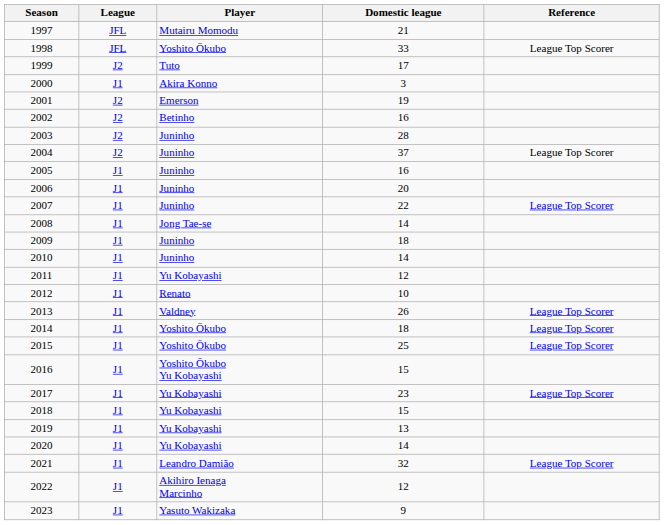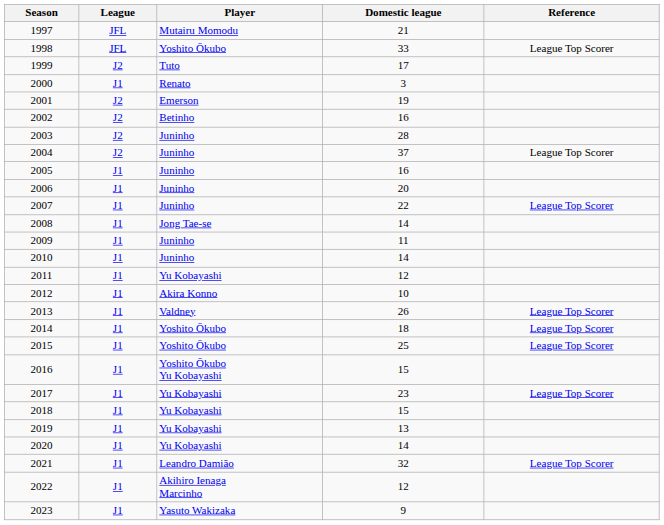 <table class="wikitable sortable" style="width:60%; align:center; text-align:center">
 <tr>
 <th>Season</th>
 <th>League</th>
 <th class="unsortable">Player</th>
 <th>Domestic league</th>
 <th>Reference</th>
 </tr>
 <tr>
 <td>1997</td>
 <td><a href='#'>JFL</a></td>
 <td align="left"> <a href='#'>Mutairu Momodu</a></td>
 <td>21</td>
 <td></td>
 </tr>
 <tr>
 <td>1998</td>
 <td><a href='#'>JFL</a></td>
 <td align="left"> <a href='#'>Yoshito Ōkubo</a></td>
 <td>33</td>
 <td>League Top Scorer</td>
 </tr>
 <tr>
 <td>1999</td>
 <td><a href='#'>J2</a></td>
 <td align="left"> <a href='#'>Tuto</a></td>
 <td>17</td>
 <td></td>
 </tr>
 <tr>
 <td>2000</td>
 <td><a href='#'>J1</a></td>
-<td align="left"> <a href='#'>Akira Konno</a></td>
+<td align="left"> <a href='#'>Renato</a></td>
 <td>3</td>
 <td></td>
 </tr>
 <tr>
 <td>2001</td>
 <td><a href='#'>J2</a></td>
 <td align="left"> <a href='#'>Emerson</a></td>
 <td>19</td>
 <td></td>
 </tr>
 <tr>
 <td>2002</td>
 <td><a href='#'>J2</a></td>
 <td align="left"> <a href='#'>Betinho</a></td>
 <td>16</td>
 <td></td>
 </tr>
 <tr>
 <td>2003</td>
 <td><a href='#'>J2</a></td>
 <td align="left"> <a href='#'>Juninho</a></td>
 <td>28</td>
 <td></td>
 </tr>
 <tr>
 <td>2004</td>
 <td><a href='#'>J2</a></td>
 <td align="left"> <a href='#'>Juninho</a></td>
 <td>37</td>
 <td>League Top Scorer</td>
 </tr>
 <tr>
 <td>2005</td>
 <td><a href='#'>J1</a></td>
 <td align="left"> <a href='#'>Juninho</a></td>
 <td>16</td>
 <td></td>
 </tr>
 <tr>
 <td>2006</td>
 <td><a href='#'>J1</a></td>
 <td align="left"> <a href='#'>Juninho</a></td>
 <td>20</td>
 <td></td>
 </tr>
 <tr>
 <td>2007</td>
 <td><a href='#'>J1</a></td>
 <td align="left"> <a href='#'>Juninho</a></td>
 <td>22</td>
 <td><a href='#'>League Top Scorer</a></td>
 </tr>
 <tr>
 <td>2008</td>
 <td><a href='#'>J1</a></td>
 <td align="left"> <a href='#'>Jong Tae-se</a></td>
 <td>14</td>
 <td></td>
 </tr>
 <tr>
 <td>2009</td>
 <td><a href='#'>J1</a></td>
 <td align="left"> <a href='#'>Juninho</a></td>
-<td>18</td>
+<td>11</td>
 <td></td>
 </tr>
 <tr>
 <td>2010</td>
 <td><a href='#'>J1</a></td>
 <td align="left"> <a href='#'>Juninho</a></td>
 <td>14</td>
 <td></td>
 </tr>
 <tr>
 <td>2011</td>
 <td><a href='#'>J1</a></td>
 <td align="left"> <a href='#'>Yu Kobayashi</a></td>
 <td>12</td>
 <td></td>
 </tr>
 <tr>
 <td>2012</td>
 <td><a href='#'>J1</a></td>
-<td align="left"> <a href='#'>Renato</a></td>
+<td align="left"> <a href='#'>Akira Konno</a></td>
 <td>10</td>
 <td></td>
 </tr>
 <tr>
 <td>2013</td>
 <td><a href='#'>J1</a></td>
 <td align="left"> <a href='#'>Valdney</a></td>
 <td>26</td>
 <td><a href='#'>League Top Scorer</a></td>
 </tr>
 <tr>
 <td>2014</td>
 <td><a href='#'>J1</a></td>
 <td align="left"> <a href='#'>Yoshito Ōkubo</a></td>
 <td>18</td>
 <td><a href='#'>League Top Scorer</a></td>
 </tr>
 <tr>
 <td>2015</td>
 <td><a href='#'>J1</a></td>
 <td align="left"> <a href='#'>Yoshito Ōkubo</a></td>
 <td>25</td>
 <td><a href='#'>League Top Scorer</a></td>
 </tr>
 <tr>
 <td>2016</td>
 <td><a href='#'>J1</a></td>
 <td align="left"> <a href='#'>Yoshito Ōkubo</a> <br>  <a href='#'>Yu Kobayashi</a></td>
 <td>15</td>
 <td></td>
 </tr>
 <tr>
 <td>2017</td>
 <td><a href='#'>J1</a></td>
 <td align="left"> <a href='#'>Yu Kobayashi</a></td>
 <td>23</td>
 <td><a href='#'>League Top Scorer</a></td>
 </tr>
 <tr>
 <td>2018</td>
 <td><a href='#'>J1</a></td>
 <td align="left"> <a href='#'>Yu Kobayashi</a></td>
 <td>15</td>
 <td></td>
 </tr>
 <tr>
 <td>2019</td>
 <td><a href='#'>J1</a></td>
 <td align="left"> <a href='#'>Yu Kobayashi</a></td>
 <td>13</td>
 <td></td>
 </tr>
 <tr>
 <td>2020</td>
 <td><a href='#'>J1</a></td>
 <td align="left"> <a href='#'>Yu Kobayashi</a></td>
 <td>14</td>
 <td></td>
 </tr>
 <tr>
 <td>2021</td>
 <td><a href='#'>J1</a></td>
 <td align="left"> <a href='#'>Leandro Damião</a></td>
 <td>32</td>
 <td><a href='#'>League Top Scorer</a></td>
 </tr>
 <tr>
 <td>2022</td>
 <td><a href='#'>J1</a></td>
 <td align="left"> <a href='#'>Akihiro Ienaga</a> <br>  <a href='#'>Marcinho</a></td>
 <td>12</td>
 <td></td>
 </tr>
 <tr>
 <td>2023</td>
 <td><a href='#'>J1</a></td>
 <td align="left"> <a href='#'>Yasuto Wakizaka</a></td>
 <td>9</td>
 <td></td>
 </tr>
 </table>
